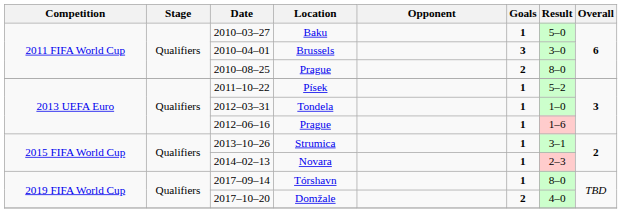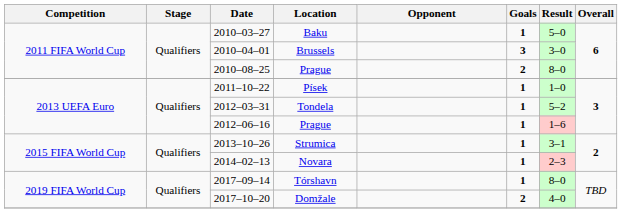 <table class="wikitable" style="font-size:90%">
 <tr>
 <th width=175px>Competition</th>
 <th width=75px>Stage</th>
 <th width=75px>Date</th>
 <th width=100px>Location</th>
 <th width=185px>Opponent</th>
 <th width=25px>Goals</th>
 <th width=25>Result</th>
 <th width=25px>Overall</th>
 </tr>
 <tr align=center>
 <td rowspan=3><a href='#'>2011 FIFA World Cup</a></td>
 <td rowspan=3>Qualifiers</td>
 <td>2010–03–27</td>
 <td><a href='#'>Baku</a></td>
 <td align=left></td>
 <td><strong>1</strong></td>
 <td bgcolor=#CCFFCC>5–0</td>
 <td rowspan=3><strong>6</strong></td>
 </tr>
 <tr align=center>
 <td>2010–04–01</td>
 <td><a href='#'>Brussels</a></td>
 <td align=left></td>
 <td><strong>3</strong></td>
 <td bgcolor=#CCFFCC>3–0</td>
 </tr>
 <tr align=center>
 <td>2010–08–25</td>
 <td><a href='#'>Prague</a></td>
 <td align=left></td>
 <td><strong>2</strong></td>
 <td bgcolor=#CCFFCC>8–0</td>
 </tr>
 <tr>
 </tr>
 <tr align=center>
 <td rowspan=3><a href='#'>2013 UEFA Euro</a></td>
 <td rowspan=3>Qualifiers</td>
 <td>2011–10–22</td>
 <td><a href='#'>Písek</a></td>
 <td align=left></td>
 <td><strong>1</strong></td>
-<td bgcolor=#CCFFCC>5–2</td>
+<td bgcolor=#CCFFCC>1–0</td>
 <td rowspan=3><strong>3</strong></td>
 </tr>
 <tr align=center>
 <td>2012–03–31</td>
 <td><a href='#'>Tondela</a></td>
 <td align=left></td>
 <td><strong>1</strong></td>
-<td bgcolor=#CCFFCC>1–0</td>
+<td bgcolor=#CCFFCC>5–2</td>
 </tr>
 <tr align=center>
 <td>2012–06–16</td>
 <td><a href='#'>Prague</a></td>
 <td align=left></td>
 <td><strong>1</strong></td>
 <td bgcolor=#FFCCCC>1–6</td>
 </tr>
 <tr align=center>
 <td rowspan=2><a href='#'>2015 FIFA World Cup</a></td>
 <td rowspan=2>Qualifiers</td>
 <td>2013–10–26</td>
 <td><a href='#'>Strumica</a></td>
 <td align=left></td>
 <td><strong>1</strong></td>
 <td bgcolor=#CCFFCC>3–1</td>
 <td rowspan=2><strong>2</strong></td>
 </tr>
 <tr align=center>
 <td>2014–02–13</td>
 <td><a href='#'>Novara</a></td>
 <td align=left></td>
 <td><strong>1</strong></td>
 <td bgcolor=#FFCCCC>2–3</td>
 </tr>
 <tr align=center>
 <td rowspan=2><a href='#'>2019 FIFA World Cup</a></td>
 <td rowspan=2>Qualifiers</td>
 <td>2017–09–14</td>
 <td><a href='#'>Tórshavn</a></td>
 <td align=left></td>
 <td><strong>1</strong></td>
 <td bgcolor=#CCFFCC>8–0</td>
 <td rowspan=2><em>TBD</em></td>
 </tr>
 <tr align=center>
 <td>2017–10–20</td>
 <td><a href='#'>Domžale</a></td>
 <td align=left></td>
 <td><strong>2</strong></td>
 <td bgcolor=#CCFFCC>4–0</td>
 </tr>
 <tr>
 </tr>
 </table>
